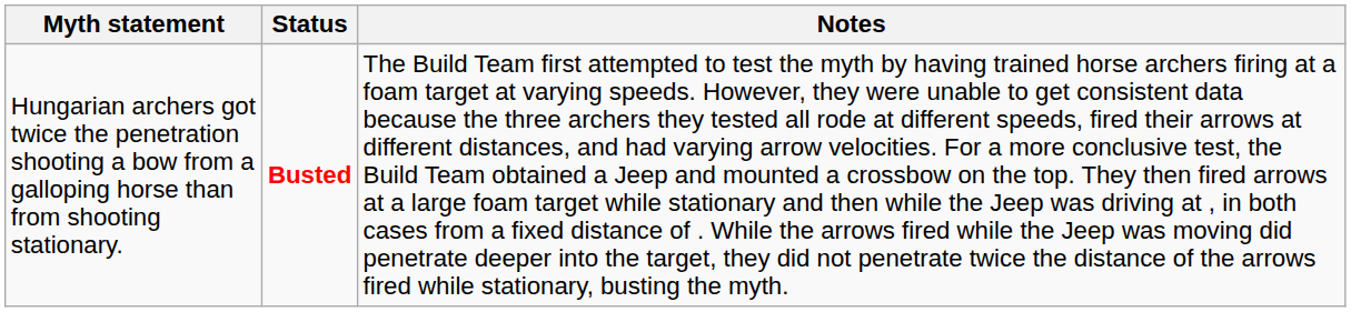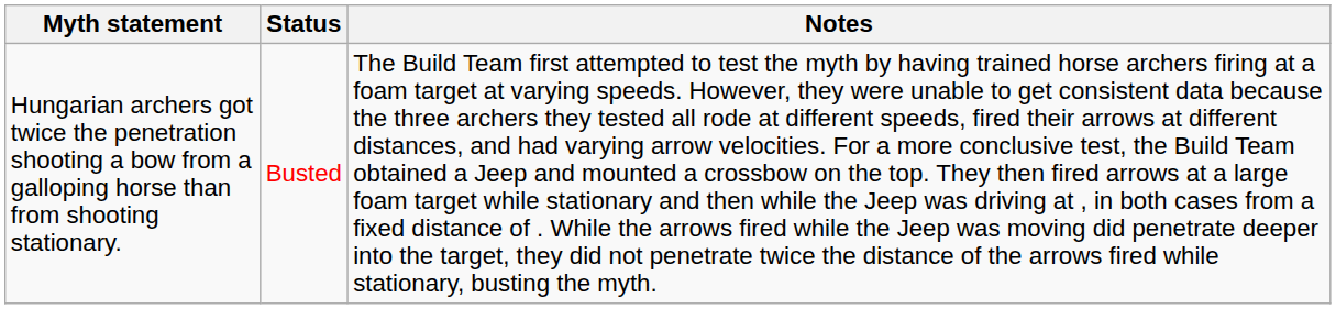 <table class="wikitable plainrowheaders">
 <tr>
 <th>Myth statement</th>
 <th>Status</th>
 <th>Notes</th>
 </tr>
 <tr>
 <td>Hungarian archers got twice the penetration shooting a bow from a galloping horse than from shooting stationary.</td>
-<td style="color:red"><strong>Busted</strong></td>
+<td style="color:red">Busted</td>
 <td>The Build Team first attempted to test the myth by having trained horse archers firing at a foam target at varying speeds. However, they were unable to get consistent data because the three archers they tested all rode at different speeds, fired their arrows at different distances, and had varying arrow velocities. For a more conclusive test, the Build Team obtained a Jeep and mounted a crossbow on the top. They then fired arrows at a large foam target while stationary and then while the Jeep was driving at , in both cases from a fixed distance of . While the arrows fired while the Jeep was moving did penetrate deeper into the target, they did not penetrate twice the distance of the arrows fired while stationary, busting the myth.</td>
 </tr>
 </table>
